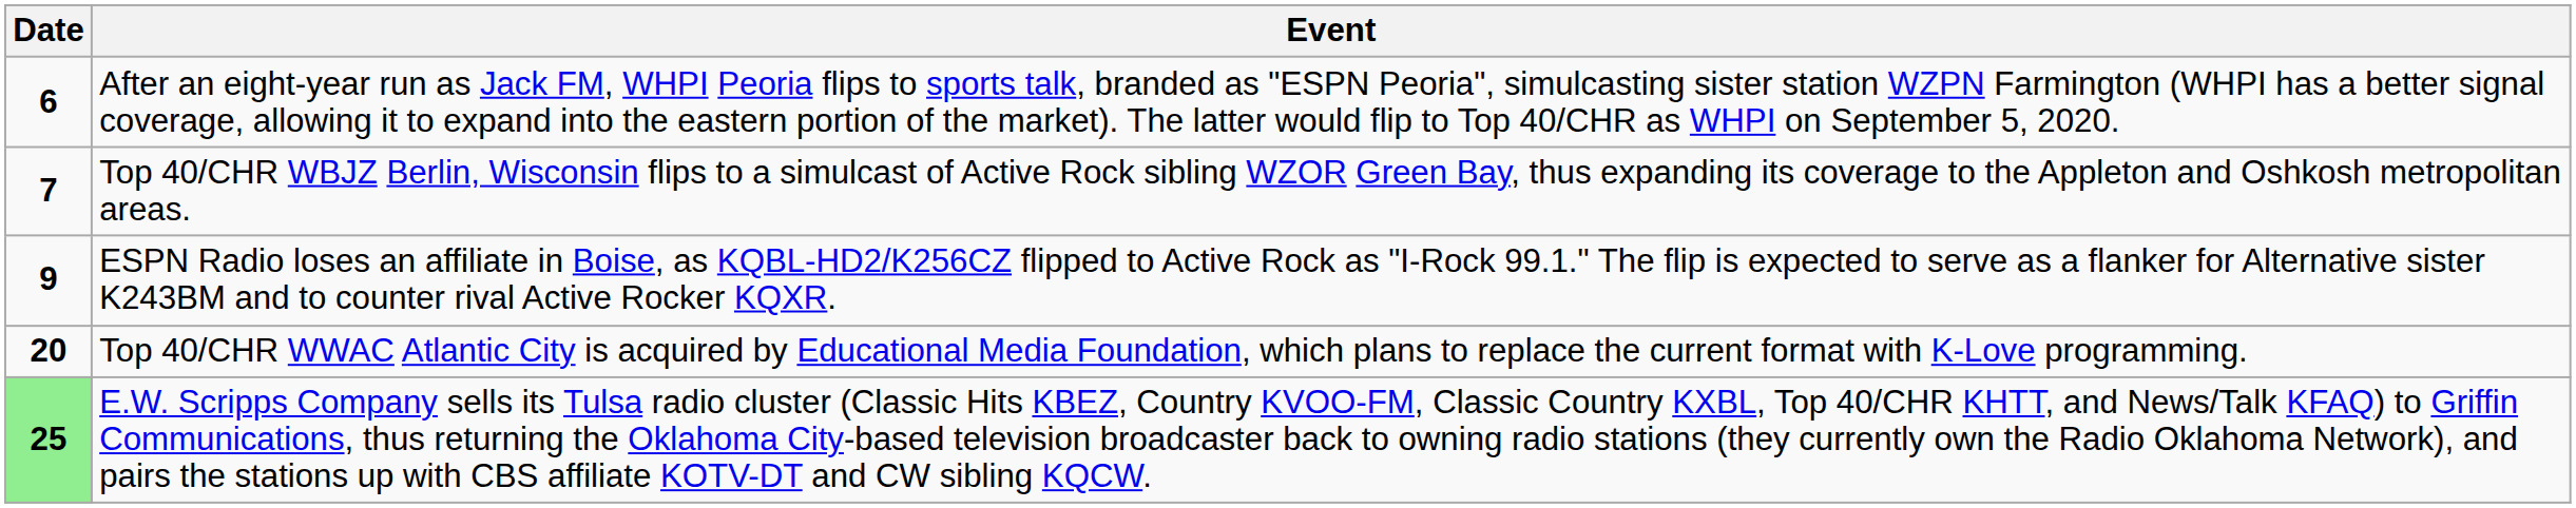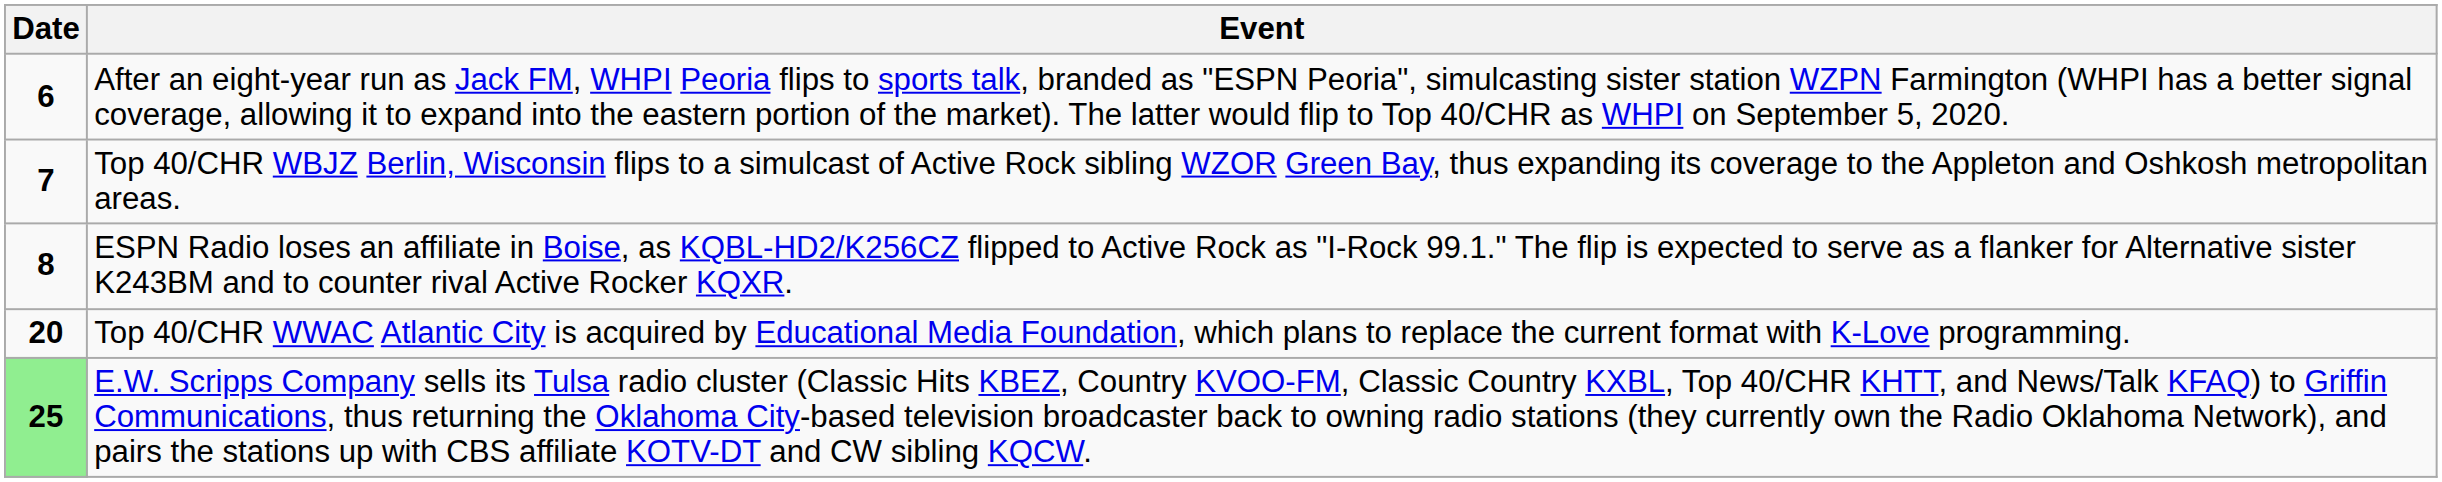 <table class="wikitable">
 <tr>
 <th>Date</th>
 <th>Event</th>
 </tr>
 <tr>
 <td style="text-align:center;"><strong>6</strong></td>
 <td>After an eight-year run as <a href='#'>Jack FM</a>, <a href='#'>WHPI</a> <a href='#'>Peoria</a> flips to <a href='#'>sports talk</a>, branded as "ESPN Peoria", simulcasting sister station <a href='#'>WZPN</a> Farmington (WHPI has a better signal coverage, allowing it to expand into the eastern portion of the market). The latter would flip to Top 40/CHR as <a href='#'>WHPI</a> on September 5, 2020.</td>
 </tr>
 <tr>
 <td style="text-align:center;"><strong>7</strong></td>
 <td>Top 40/CHR <a href='#'>WBJZ</a> <a href='#'>Berlin, Wisconsin</a> flips to a simulcast of Active Rock sibling <a href='#'>WZOR</a> <a href='#'>Green Bay</a>, thus expanding its coverage to the Appleton and Oshkosh metropolitan areas.</td>
 </tr>
 <tr>
-<td style="text-align:center;"><strong>9</strong></td>
+<td style="text-align:center;"><strong>8</strong></td>
 <td>ESPN Radio loses an affiliate in <a href='#'>Boise</a>, as <a href='#'>KQBL-HD2/K256CZ</a> flipped to Active Rock as "I-Rock 99.1." The flip is expected to serve as a flanker for Alternative sister K243BM and to counter rival Active Rocker <a href='#'>KQXR</a>.</td>
 </tr>
 <tr>
 <td style="text-align:center;"><strong>20</strong></td>
 <td>Top 40/CHR <a href='#'>WWAC</a> <a href='#'>Atlantic City</a> is acquired by <a href='#'>Educational Media Foundation</a>, which plans to replace the current format with <a href='#'>K-Love</a> programming.</td>
 </tr>
 <tr>
 <td style="background: lightgreen; text-align:center;"><strong>25</strong></td>
 <td><a href='#'>E.W. Scripps Company</a> sells its <a href='#'>Tulsa</a> radio cluster (Classic Hits <a href='#'>KBEZ</a>, Country <a href='#'>KVOO-FM</a>, Classic Country <a href='#'>KXBL</a>, Top 40/CHR <a href='#'>KHTT</a>, and News/Talk <a href='#'>KFAQ</a>) to <a href='#'>Griffin Communications</a>, thus returning the <a href='#'>Oklahoma City</a>-based television broadcaster back to owning radio stations (they currently own the Radio Oklahoma Network), and pairs the stations up with CBS affiliate <a href='#'>KOTV-DT</a> and CW sibling <a href='#'>KQCW</a>.</td>
 </tr>
 </table>
